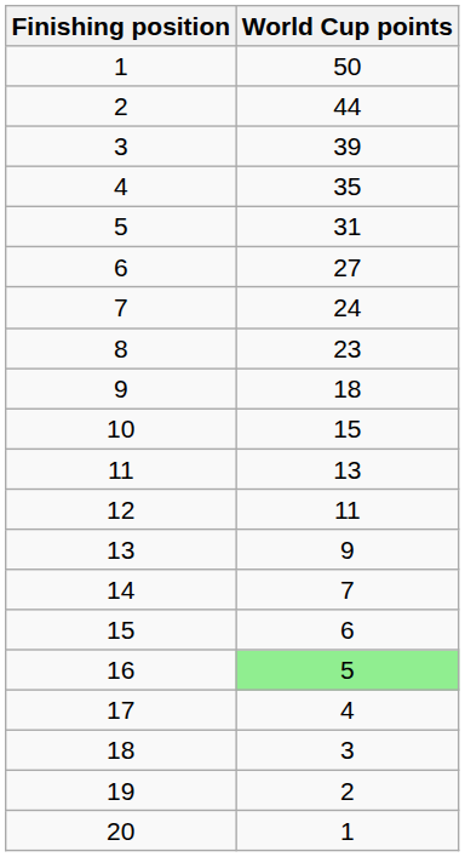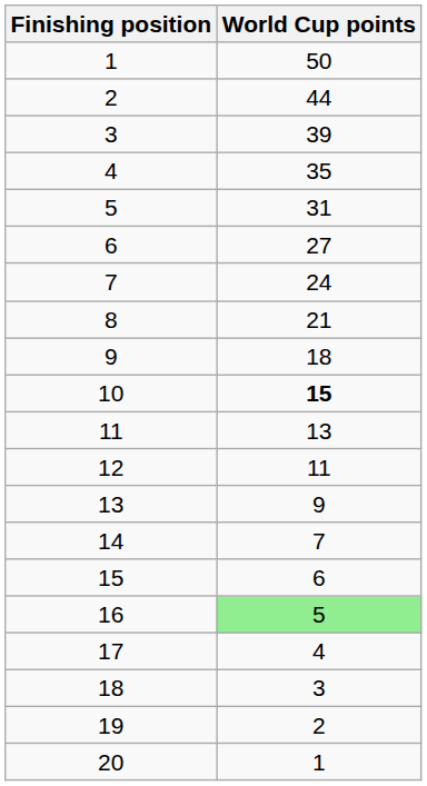 <table class="wikitable" style="text-align:center; font-size:95%;">
 <tr>
 <th>Finishing position</th>
 <th>World Cup points</th>
 </tr>
 <tr>
 <td>1</td>
 <td>50</td>
 </tr>
 <tr>
 <td>2</td>
 <td>44</td>
 </tr>
 <tr>
 <td>3</td>
 <td>39</td>
 </tr>
 <tr>
 <td>4</td>
 <td>35</td>
 </tr>
 <tr>
 <td>5</td>
 <td>31</td>
 </tr>
 <tr>
 <td>6</td>
 <td>27</td>
 </tr>
 <tr>
 <td>7</td>
 <td>24</td>
 </tr>
 <tr>
 <td>8</td>
-<td>23</td>
+<td>21</td>
 </tr>
 <tr>
 <td>9</td>
 <td>18</td>
 </tr>
 <tr>
 <td>10</td>
-<td>15</td>
+<td><strong>15</strong></td>
 </tr>
 <tr>
 <td>11</td>
 <td>13</td>
 </tr>
 <tr>
 <td>12</td>
 <td>11</td>
 </tr>
 <tr>
 <td>13</td>
 <td>9</td>
 </tr>
 <tr>
 <td>14</td>
 <td>7</td>
 </tr>
 <tr>
 <td>15</td>
 <td>6</td>
 </tr>
 <tr>
 <td>16</td>
 <td style="background: lightgreen;">5</td>
 </tr>
 <tr>
 <td>17</td>
 <td>4</td>
 </tr>
 <tr>
 <td>18</td>
 <td>3</td>
 </tr>
 <tr>
 <td>19</td>
 <td>2</td>
 </tr>
 <tr>
 <td>20</td>
 <td>1</td>
 </tr>
 </table>
